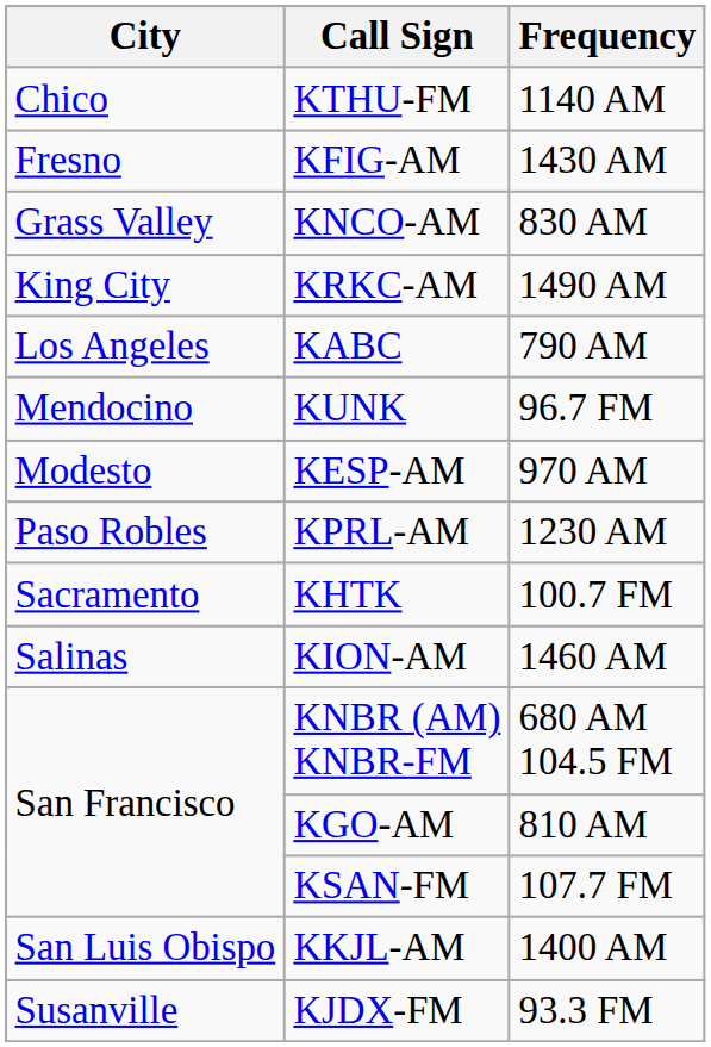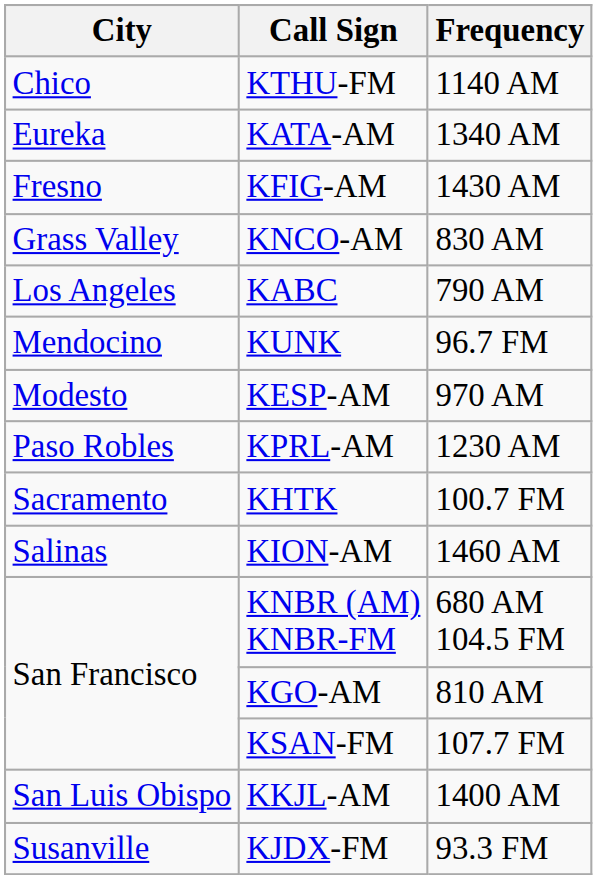 <table class="wikitable">
 <tr>
 <th scope="col">City</th>
 <th scope="col">Call Sign</th>
 <th scope="col">Frequency</th>
 </tr>
 <tr>
 <td><a href='#'>Chico</a></td>
 <td><a href='#'>KTHU</a>-FM</td>
 <td>1140 AM</td>
 </tr>
 <tr>
+<td><a href='#'>Eureka</a></td>
+<td><a href='#'>KATA</a>-AM</td>
+<td>1340 AM</td>
+</tr>
+<tr>
 <td><a href='#'>Fresno</a></td>
 <td><a href='#'>KFIG</a>-AM</td>
 <td>1430 AM</td>
 </tr>
 <tr>
 <td><a href='#'>Grass Valley</a></td>
 <td><a href='#'>KNCO</a>-AM</td>
 <td>830 AM</td>
-</tr>
-<tr>
-<td><a href='#'>King City</a></td>
-<td><a href='#'>KRKC</a>-AM</td>
-<td>1490 AM</td>
 </tr>
 <tr>
 <td><a href='#'>Los Angeles</a></td>
 <td><a href='#'>KABC</a></td>
 <td>790 AM</td>
 </tr>
 <tr>
 <td><a href='#'>Mendocino</a></td>
 <td><a href='#'>KUNK</a></td>
 <td>96.7 FM</td>
 </tr>
 <tr>
 <td><a href='#'>Modesto</a></td>
 <td><a href='#'>KESP</a>-AM</td>
 <td>970 AM</td>
 </tr>
 <tr>
 <td><a href='#'>Paso Robles</a></td>
 <td><a href='#'>KPRL</a>-AM</td>
 <td>1230 AM</td>
 </tr>
 <tr>
 <td><a href='#'>Sacramento</a></td>
 <td><a href='#'>KHTK</a></td>
 <td>100.7 FM</td>
 </tr>
 <tr>
 <td><a href='#'>Salinas</a></td>
 <td><a href='#'>KION</a>-AM</td>
 <td>1460 AM</td>
 </tr>
 <tr>
 <td rowspan=3>San Francisco</td>
 <td><a href='#'>KNBR (AM)</a><br><a href='#'>KNBR-FM</a></td>
 <td>680 AM<br>104.5 FM</td>
 </tr>
 <tr>
 <td><a href='#'>KGO</a>-AM</td>
 <td>810 AM</td>
 </tr>
 <tr>
 <td><a href='#'>KSAN</a>-FM</td>
 <td>107.7 FM</td>
 </tr>
 <tr>
 <td><a href='#'>San Luis Obispo</a></td>
 <td><a href='#'>KKJL</a>-AM</td>
 <td>1400 AM</td>
 </tr>
 <tr>
 <td><a href='#'>Susanville</a></td>
 <td><a href='#'>KJDX</a>-FM</td>
 <td>93.3 FM</td>
 </tr>
 </table>
